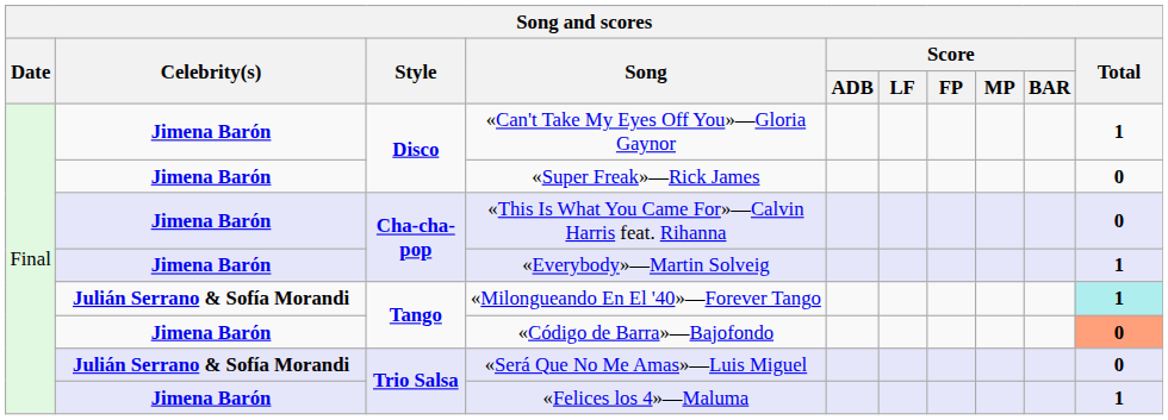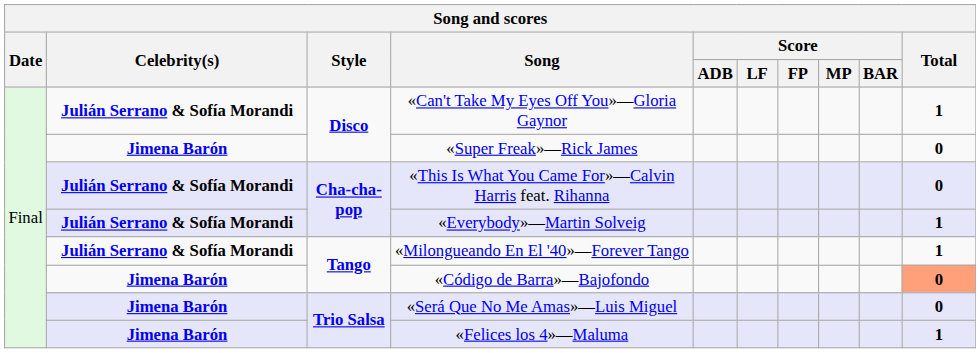 <table class="wikitable collapsible collapsed" style="font-size:95%; text-align: center; width: 100%;">
 <tr>
 <th colspan="11" style="with: 100%;" align=center>Song and scores</th>
 </tr>
 <tr>
 <th rowspan="2">Date</th>
 <th rowspan="2" width="230">Celebrity(s)</th>
 <th rowspan="2">Style</th>
 <th rowspan="2">Song</th>
 <th colspan="5">Score</th>
 <th rowspan="2" width="60">Total</th>
 </tr>
 <tr>
 <th width=30>ADB</th>
 <th width=30>LF</th>
 <th width=30>FP</th>
 <th width=30>MP</th>
 <th width=30>BAR</th>
 </tr>
 <tr>
 <td rowspan="8" style=" background:#E0F9E0">Final<br></td>
-<td><strong><a href='#'>Jimena Barón</a></strong></td>
+<td><strong><a href='#'>Julián Serrano</a> & Sofía Morandi</strong></td>
 <td rowspan="2"><strong><a href='#'>Disco</a></strong></td>
 <td>«<a href='#'>Can't Take My Eyes Off You</a>»—<a href='#'>Gloria Gaynor</a></td>
 <td></td>
 <td></td>
 <td></td>
 <td></td>
 <td></td>
 <td><strong>1</strong></td>
 </tr>
 <tr>
 <td><strong><a href='#'>Jimena Barón</a></strong></td>
 <td>«<a href='#'>Super Freak</a>»—<a href='#'>Rick James</a></td>
 <td></td>
 <td></td>
 <td></td>
 <td></td>
 <td></td>
 <td><strong>0</strong></td>
 </tr>
 <tr style="background:lavender;">
-<td><strong><a href='#'>Jimena Barón</a></strong></td>
+<td><strong><a href='#'>Julián Serrano</a> & Sofía Morandi</strong></td>
 <td rowspan="2"><strong><a href='#'>Cha-cha-pop</a></strong></td>
 <td>«<a href='#'>This Is What You Came For</a>»—<a href='#'>Calvin Harris</a> feat. <a href='#'>Rihanna</a></td>
 <td></td>
 <td></td>
 <td></td>
 <td></td>
 <td></td>
 <td><strong>0</strong></td>
 </tr>
 <tr style="background:lavender;">
-<td><strong><a href='#'>Jimena Barón</a></strong></td>
+<td><strong><a href='#'>Julián Serrano</a> & Sofía Morandi</strong></td>
 <td>«<a href='#'>Everybody</a>»—<a href='#'>Martin Solveig</a></td>
 <td></td>
 <td></td>
 <td></td>
 <td></td>
 <td></td>
 <td><strong>1</strong></td>
 </tr>
 <tr>
 <td><strong><a href='#'>Julián Serrano</a> & Sofía Morandi</strong></td>
 <td rowspan="2"><strong><a href='#'>Tango</a></strong></td>
 <td>«<a href='#'>Milongueando En El '40</a>»—<a href='#'>Forever Tango</a></td>
 <td></td>
 <td></td>
 <td></td>
 <td></td>
 <td></td>
-<td style="background: paleturquoise;"><strong>1</strong></td>
+<td><strong>1</strong></td>
 </tr>
 <tr>
 <td><strong><a href='#'>Jimena Barón</a></strong></td>
 <td>«<a href='#'>Código de Barra</a>»—<a href='#'>Bajofondo</a></td>
 <td></td>
 <td></td>
 <td></td>
 <td></td>
 <td></td>
 <td style="background: lightsalmon;"><strong>0</strong></td>
 </tr>
 <tr style="background:lavender;">
-<td><strong><a href='#'>Julián Serrano</a> & Sofía Morandi</strong><br></td>
+<td><strong><a href='#'>Jimena Barón</a></strong><br></td>
 <td rowspan="2"><strong><a href='#'>Trio Salsa</a></strong></td>
 <td>«<a href='#'>Será Que No Me Amas</a>»—<a href='#'>Luis Miguel</a></td>
 <td></td>
 <td></td>
 <td></td>
 <td></td>
 <td></td>
 <td><strong>0</strong></td>
 </tr>
 <tr style="background:lavender;">
 <td><strong><a href='#'>Jimena Barón</a></strong><br></td>
 <td>«<a href='#'>Felices los 4</a>»—<a href='#'>Maluma</a></td>
 <td></td>
 <td></td>
 <td></td>
 <td></td>
 <td></td>
 <td><strong>1</strong></td>
 </tr>
 </table>
